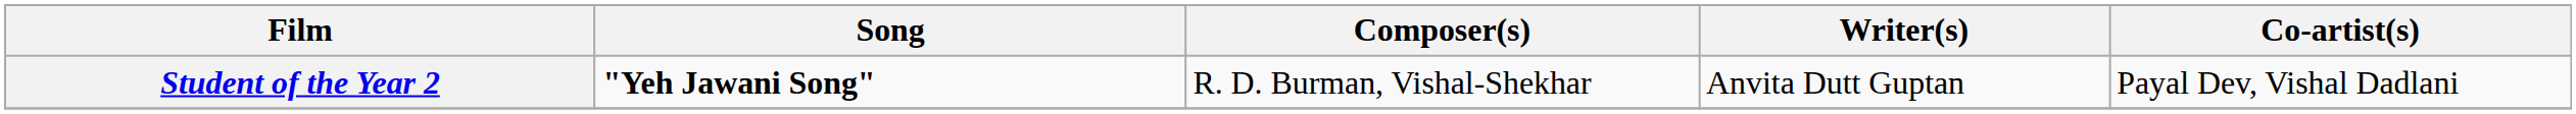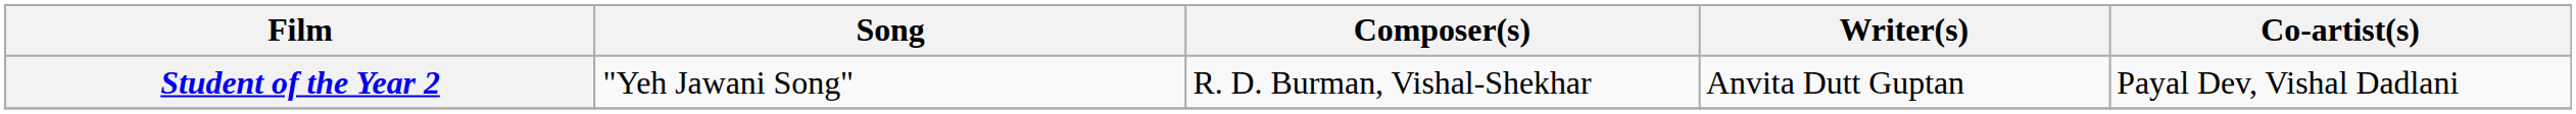 <table class="wikitable plainrowheaders" width="100%" textcolor:#000;">
 <tr style="background:#b0e0e66;">
 <th scope="col" width=23%><strong>Film</strong></th>
 <th scope="col" width=23%><strong>Song</strong></th>
 <th scope="col" width=20%><strong>Composer(s)</strong></th>
 <th scope="col" width=16%><strong>Writer(s)</strong></th>
 <th scope="col" width=18%><strong>Co-artist(s)</strong></th>
 </tr>
 <tr>
 <th><em><a href='#'>Student of the Year 2</a></em></th>
-<td><strong>"Yeh Jawani Song"</strong></td>
+<td>"Yeh Jawani Song"</td>
 <td>R. D. Burman, Vishal-Shekhar</td>
 <td>Anvita Dutt Guptan</td>
 <td>Payal Dev, Vishal Dadlani</td>
 </tr>
 <tr>
 </tr>
 </table>
